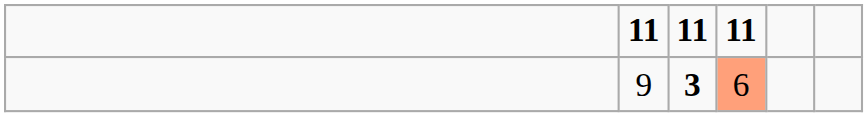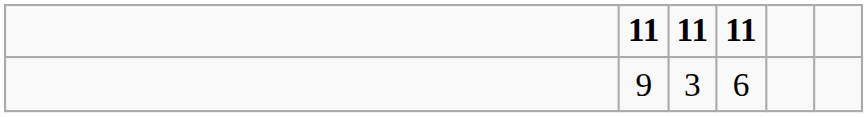 <table class="wikitable">
 <tr>
 <td style="width:18em"><strong></strong></td>
 <td align=center style="width:1em"><strong>11</strong></td>
 <td align=center style="width:1em"><strong>11</strong></td>
 <td align=center style="width:1em"><strong>11</strong></td>
 <td align=center style="width:1em"></td>
 <td align=center style="width:1em"></td>
 </tr>
 <tr>
 <td style="width:18em"></td>
 <td align=center style="width:1em">9</td>
-<td align=center style="width:1em"><strong>3</strong></td>
-<td align=center style="background: lightsalmon; width:1em">6</td>
+<td align=center style="width:1em">3</td>
+<td align=center style="width:1em">6</td>
 <td align=center style="width:1em"></td>
 <td align=center style="width:1em"></td>
 </tr>
 </table>
